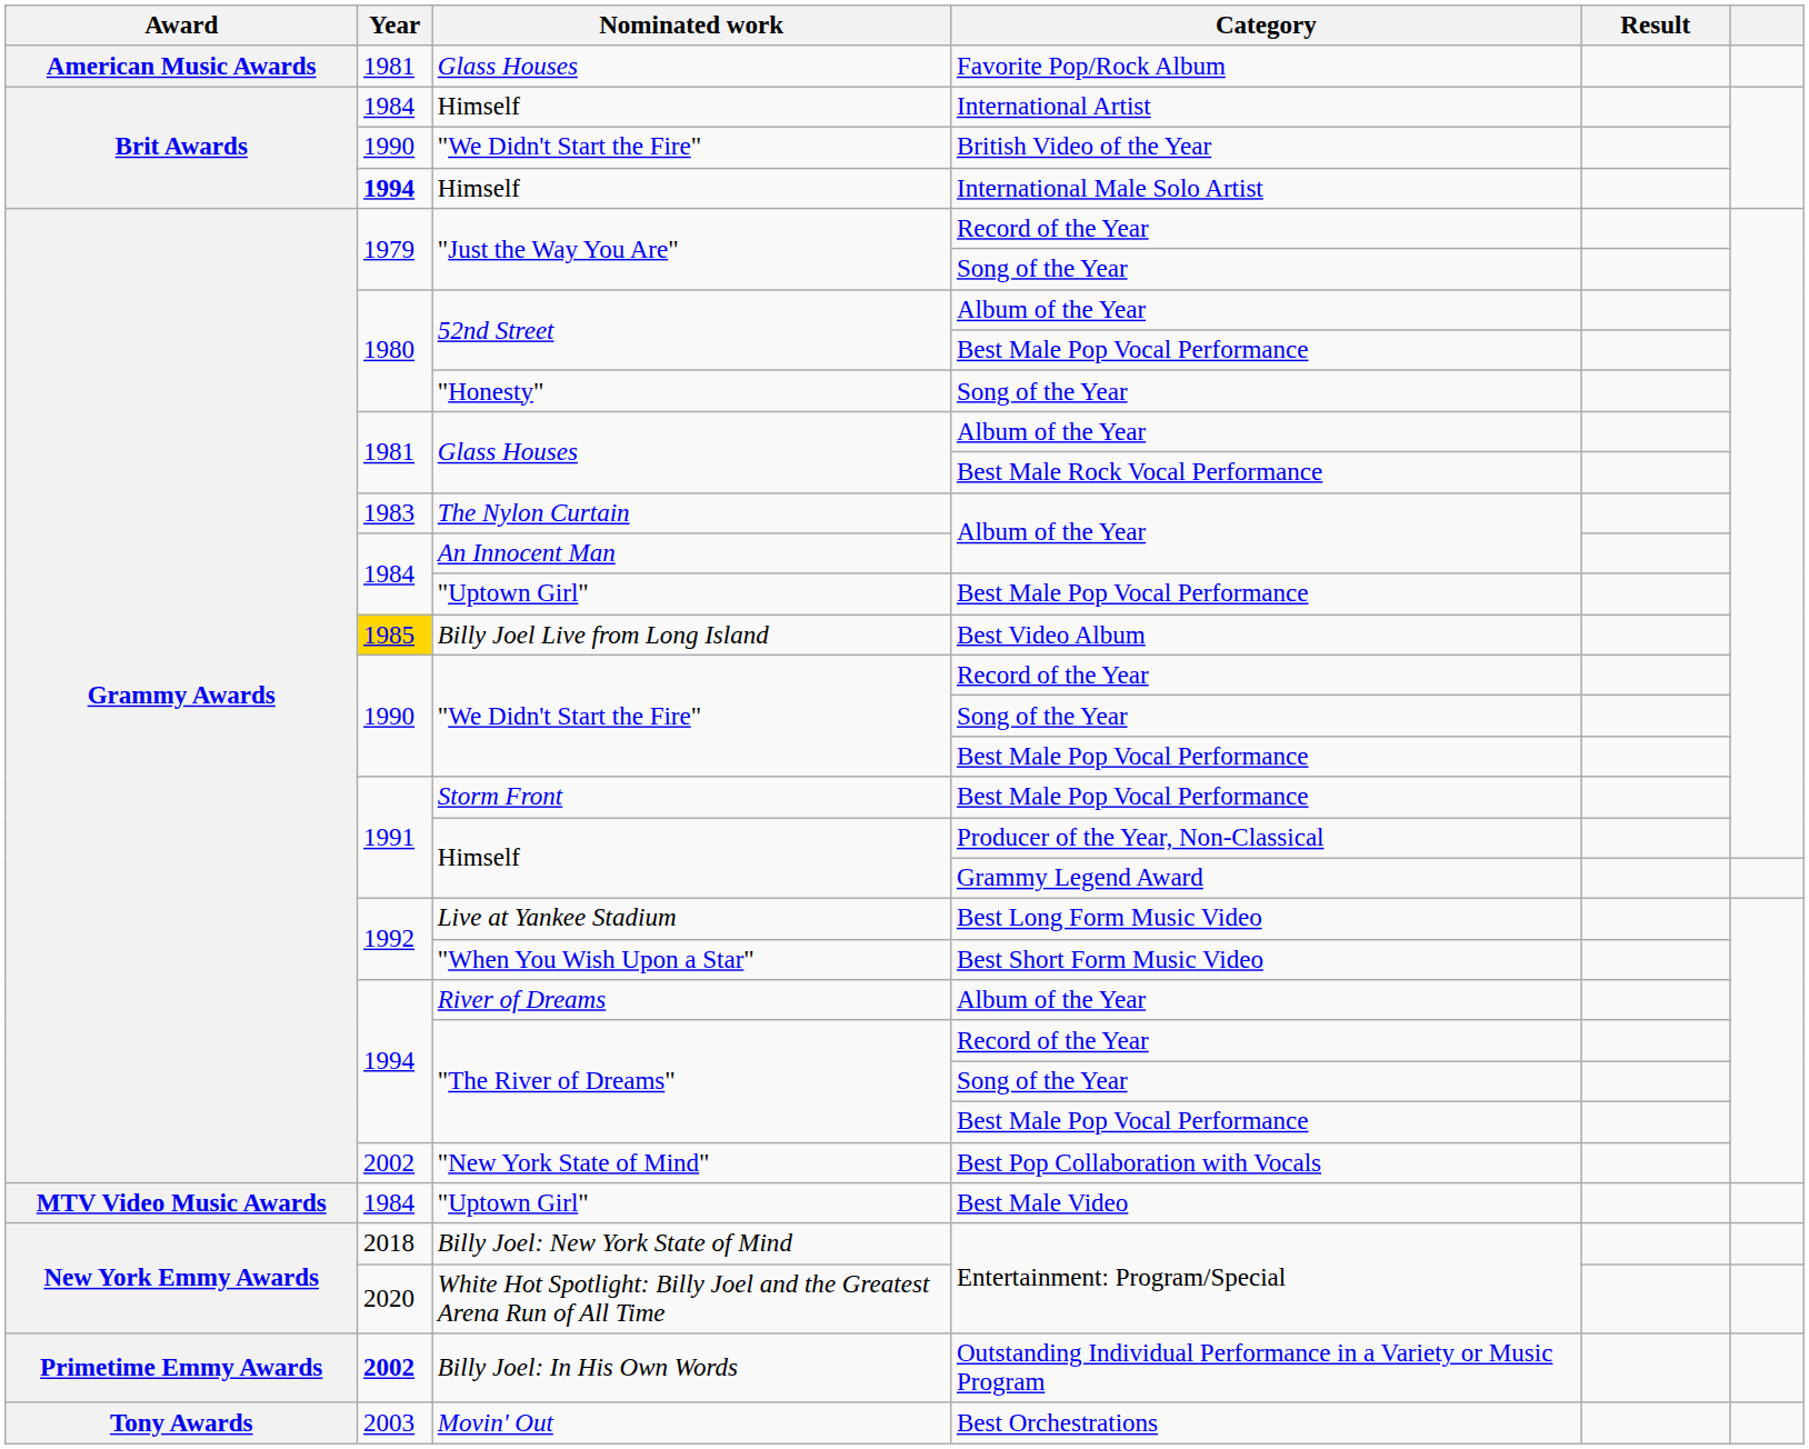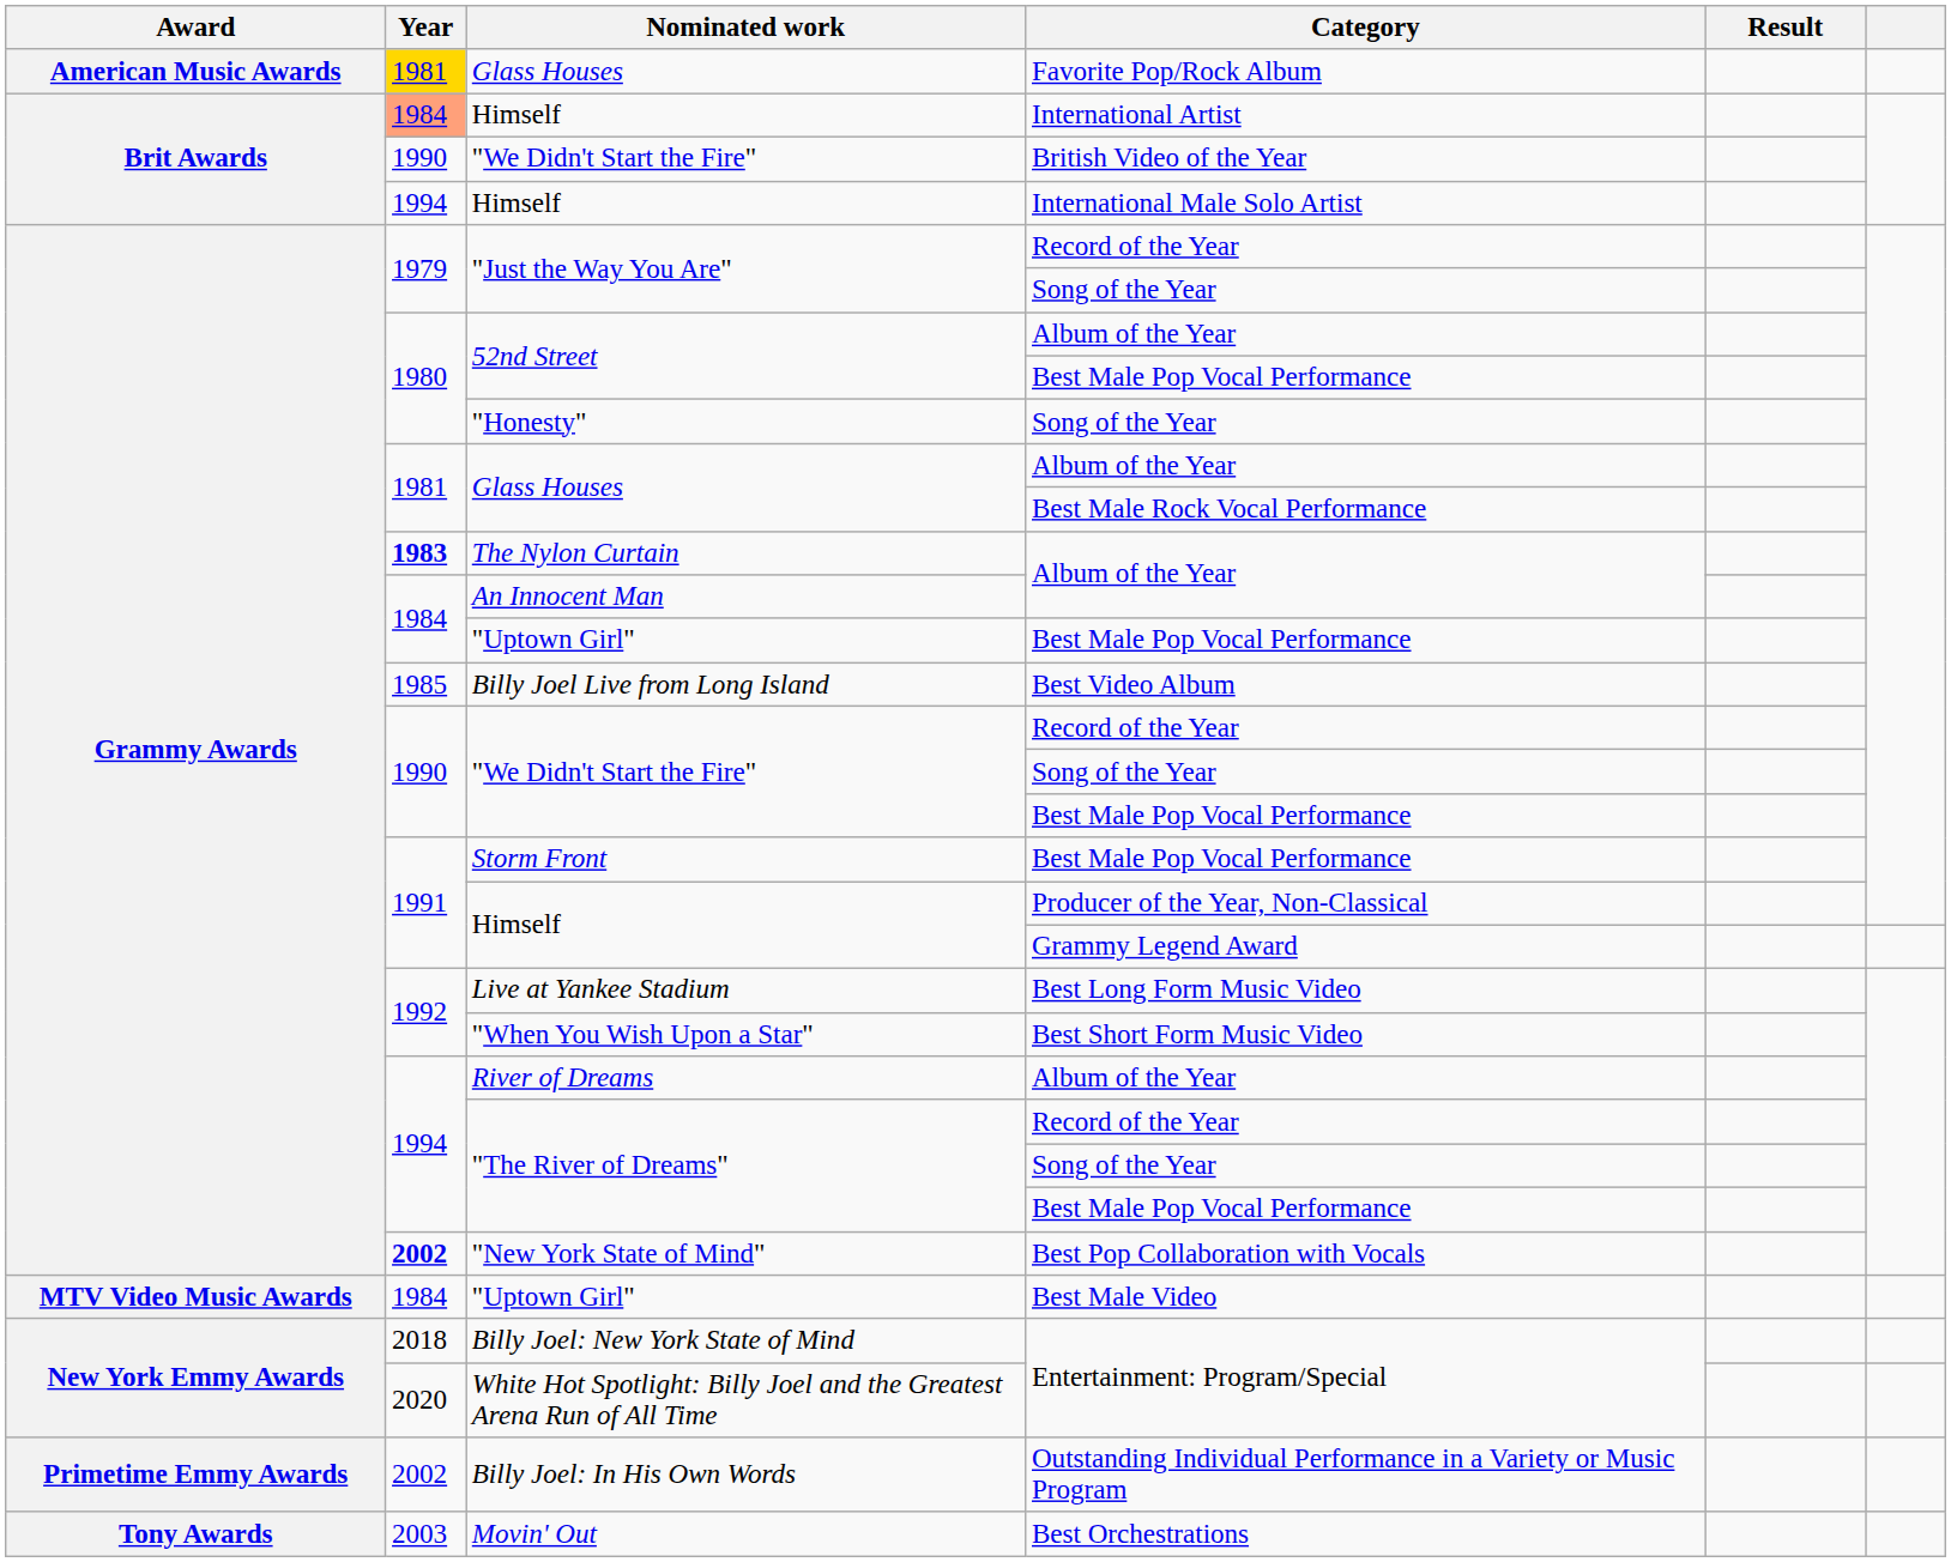 <table class="wikitable sortable plainrowheaders" style="width:89%;">
 <tr>
 <th scope="col" style="width:19%;">Award</th>
 <th scope="col" style="width:4%;">Year</th>
 <th scope="col" style="width:28%;">Nominated work</th>
 <th scope="col" style="width:34%;">Category</th>
 <th scope="col" style="width:8%;">Result</th>
 <th scope="col" style="width:4%;" class="unsortable"></th>
 </tr>
 <tr>
 <th scope="row"><a href='#'>American Music Awards</a></th>
-<td><a href='#'>1981</a></td>
+<td style="background: gold;"><a href='#'>1981</a></td>
 <td><em><a href='#'>Glass Houses</a></em></td>
 <td><a href='#'>Favorite Pop/Rock Album</a></td>
 <td></td>
 <td style="text-align:center;"></td>
 </tr>
 <tr>
 <th scope="row" rowspan="3"><a href='#'>Brit Awards</a></th>
-<td><a href='#'>1984</a></td>
+<td style="background: lightsalmon;"><a href='#'>1984</a></td>
 <td>Himself</td>
 <td><a href='#'>International Artist</a></td>
 <td></td>
 <td style="text-align:center;" rowspan="3"></td>
 </tr>
 <tr>
 <td><a href='#'>1990</a></td>
 <td>"<a href='#'>We Didn't Start the Fire</a>"</td>
 <td><a href='#'>British Video of the Year</a></td>
 <td></td>
 </tr>
 <tr>
-<td><strong><a href='#'>1994</a></strong></td>
+<td><a href='#'>1994</a></td>
 <td>Himself</td>
 <td><a href='#'>International Male Solo Artist</a></td>
 <td></td>
 </tr>
 <tr>
 <th scope="row" rowspan="24"><a href='#'>Grammy Awards</a></th>
 <td rowspan="2"><a href='#'>1979</a></td>
 <td rowspan="2">"<a href='#'>Just the Way You Are</a>"</td>
 <td><a href='#'>Record of the Year</a></td>
 <td></td>
 <td style="text-align:center;" rowspan="16"></td>
 </tr>
 <tr>
 <td><a href='#'>Song of the Year</a></td>
 <td></td>
 </tr>
 <tr>
 <td rowspan="3"><a href='#'>1980</a></td>
 <td rowspan="2"><em><a href='#'>52nd Street</a></em></td>
 <td><a href='#'>Album of the Year</a></td>
 <td></td>
 </tr>
 <tr>
 <td><a href='#'>Best Male Pop Vocal Performance</a></td>
 <td></td>
 </tr>
 <tr>
 <td>"<a href='#'>Honesty</a>"</td>
 <td><a href='#'>Song of the Year</a></td>
 <td></td>
 </tr>
 <tr>
 <td rowspan="2"><a href='#'>1981</a></td>
 <td rowspan="2"><em><a href='#'>Glass Houses</a></em></td>
 <td><a href='#'>Album of the Year</a></td>
 <td></td>
 </tr>
 <tr>
 <td><a href='#'>Best Male Rock Vocal Performance</a></td>
 <td></td>
 </tr>
 <tr>
-<td><a href='#'>1983</a></td>
+<td><strong><a href='#'>1983</a></strong></td>
 <td><em><a href='#'>The Nylon Curtain</a></em></td>
 <td rowspan="2"><a href='#'>Album of the Year</a></td>
 <td></td>
 </tr>
 <tr>
 <td rowspan="2"><a href='#'>1984</a></td>
 <td><em><a href='#'>An Innocent Man</a></em></td>
 <td></td>
 </tr>
 <tr>
 <td>"<a href='#'>Uptown Girl</a>"</td>
 <td><a href='#'>Best Male Pop Vocal Performance</a></td>
 <td></td>
 </tr>
 <tr>
-<td style="background: gold;"><a href='#'>1985</a></td>
+<td><a href='#'>1985</a></td>
 <td><em>Billy Joel Live from Long Island</em></td>
 <td><a href='#'>Best Video Album</a></td>
 <td></td>
 </tr>
 <tr>
 <td rowspan="3"><a href='#'>1990</a></td>
 <td rowspan="3">"<a href='#'>We Didn't Start the Fire</a>"</td>
 <td><a href='#'>Record of the Year</a></td>
 <td></td>
 </tr>
 <tr>
 <td><a href='#'>Song of the Year</a></td>
 <td></td>
 </tr>
 <tr>
 <td><a href='#'>Best Male Pop Vocal Performance</a></td>
 <td></td>
 </tr>
 <tr>
 <td rowspan="3"><a href='#'>1991</a></td>
 <td><em><a href='#'>Storm Front</a></em></td>
 <td><a href='#'>Best Male Pop Vocal Performance</a></td>
 <td></td>
 </tr>
 <tr>
 <td rowspan="2">Himself</td>
 <td><a href='#'>Producer of the Year, Non-Classical</a></td>
 <td></td>
 </tr>
 <tr>
 <td><a href='#'>Grammy Legend Award</a></td>
 <td></td>
 <td style="text-align:center;"></td>
 </tr>
 <tr>
 <td rowspan="2"><a href='#'>1992</a></td>
 <td><em>Live at Yankee Stadium</em></td>
 <td><a href='#'>Best Long Form Music Video</a></td>
 <td></td>
 <td style="text-align:center;" rowspan="7"></td>
 </tr>
 <tr>
 <td>"<a href='#'>When You Wish Upon a Star</a>"</td>
 <td><a href='#'>Best Short Form Music Video</a></td>
 <td></td>
 </tr>
 <tr>
 <td rowspan="4"><a href='#'>1994</a></td>
 <td><em><a href='#'>River of Dreams</a></em></td>
 <td><a href='#'>Album of the Year</a></td>
 <td></td>
 </tr>
 <tr>
 <td rowspan="3">"<a href='#'>The River of Dreams</a>"</td>
 <td><a href='#'>Record of the Year</a></td>
 <td></td>
 </tr>
 <tr>
 <td><a href='#'>Song of the Year</a></td>
 <td></td>
 </tr>
 <tr>
 <td><a href='#'>Best Male Pop Vocal Performance</a></td>
 <td></td>
 </tr>
 <tr>
-<td><a href='#'>2002</a></td>
+<td><strong><a href='#'>2002</a></strong></td>
 <td>"<a href='#'>New York State of Mind</a>"</td>
 <td><a href='#'>Best Pop Collaboration with Vocals</a></td>
 <td></td>
 </tr>
 <tr>
 <th scope="row"><a href='#'>MTV Video Music Awards</a></th>
 <td><a href='#'>1984</a></td>
 <td>"<a href='#'>Uptown Girl</a>"</td>
 <td><a href='#'>Best Male Video</a></td>
 <td></td>
 <td style="text-align:center;"></td>
 </tr>
 <tr>
 <th scope="row" rowspan="2"><a href='#'>New York Emmy Awards</a></th>
 <td>2018</td>
 <td><em>Billy Joel: New York State of Mind</em></td>
 <td rowspan="2">Entertainment: Program/Special</td>
 <td></td>
 <td style="text-align:center;"></td>
 </tr>
 <tr>
 <td>2020</td>
 <td><em>White Hot Spotlight: Billy Joel and the Greatest Arena Run of All Time</em></td>
 <td></td>
 <td style="text-align:center;"></td>
 </tr>
 <tr>
 <th scope="row"><a href='#'>Primetime Emmy Awards</a></th>
-<td><strong><a href='#'>2002</a></strong></td>
+<td><a href='#'>2002</a></td>
 <td><em>Billy Joel: In His Own Words</em></td>
 <td><a href='#'>Outstanding Individual Performance in a Variety or Music Program</a></td>
 <td></td>
 <td style="text-align:center;"></td>
 </tr>
 <tr>
 <th scope="row"><a href='#'>Tony Awards</a></th>
 <td><a href='#'>2003</a></td>
 <td><em><a href='#'>Movin' Out</a></em></td>
 <td><a href='#'>Best Orchestrations</a></td>
 <td></td>
 <td style="text-align:center;"></td>
 </tr>
 </table>
